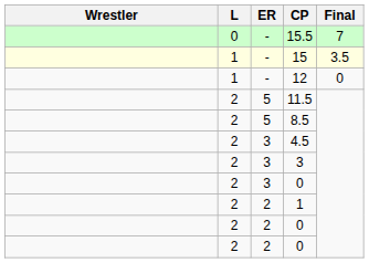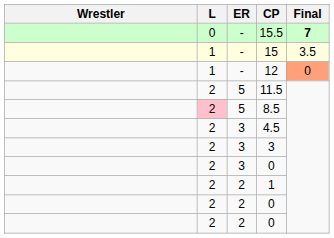 <table class="wikitable" style="text-align: center;" |>
 <tr>
 <th width="250">Wrestler</th>
 <th width="32">L</th>
 <th width="32">ER</th>
 <th width="32">CP</th>
 <th width="50">Final</th>
 </tr>
 <tr bgcolor="ccffcc">
 <td style="text-align:left;"></td>
 <td>0</td>
 <td>-</td>
 <td>15.5</td>
-<td>7</td>
+<td><strong>7</strong></td>
 </tr>
 <tr bgcolor="lightyellow">
 <td style="text-align:left;"></td>
 <td>1</td>
 <td>-</td>
 <td>15</td>
 <td>3.5</td>
 </tr>
 <tr>
 <td style="text-align:left;"></td>
 <td>1</td>
 <td>-</td>
 <td>12</td>
-<td>0</td>
+<td style="background: lightsalmon;">0</td>
 </tr>
 <tr>
 <td style="text-align:left;"></td>
 <td>2</td>
 <td>5</td>
 <td>11.5</td>
 </tr>
 <tr>
 <td style="text-align:left;"></td>
-<td>2</td>
+<td style="background: pink;">2</td>
 <td>5</td>
 <td>8.5</td>
 </tr>
 <tr>
 <td style="text-align:left;"></td>
 <td>2</td>
 <td>3</td>
 <td>4.5</td>
 </tr>
 <tr>
 <td style="text-align:left;"></td>
 <td>2</td>
 <td>3</td>
 <td>3</td>
 </tr>
 <tr>
 <td style="text-align:left;"></td>
 <td>2</td>
 <td>3</td>
 <td>0</td>
 </tr>
 <tr>
 <td style="text-align:left;"></td>
 <td>2</td>
 <td>2</td>
 <td>1</td>
 </tr>
 <tr>
 <td style="text-align:left;"></td>
 <td>2</td>
 <td>2</td>
 <td>0</td>
 </tr>
 <tr>
 <td style="text-align:left;"></td>
 <td>2</td>
 <td>2</td>
 <td>0</td>
 </tr>
 </table>
